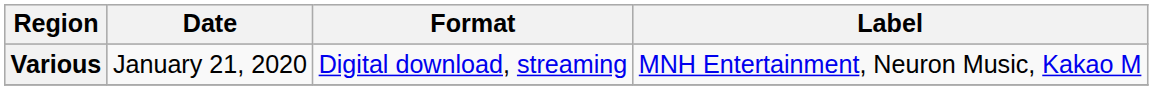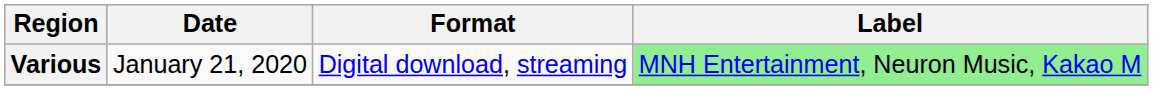 <table class="wikitable plainrowheaders">
 <tr>
 <th>Region</th>
 <th>Date</th>
 <th>Format</th>
 <th>Label</th>
 </tr>
 <tr>
 <th scope="row">Various</th>
 <td>January 21, 2020</td>
 <td><a href='#'>Digital download</a>, <a href='#'>streaming</a></td>
-<td><a href='#'>MNH Entertainment</a>, Neuron Music, <a href='#'>Kakao M</a></td>
+<td style="background: lightgreen;"><a href='#'>MNH Entertainment</a>, Neuron Music, <a href='#'>Kakao M</a></td>
 </tr>
 <tr>
 </tr>
 </table>
